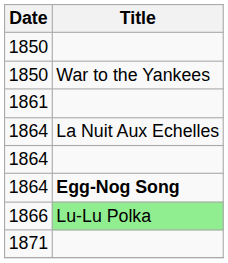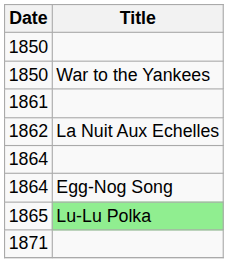 <table class="wikitable">
 <tr>
 <th>Date</th>
 <th>Title</th>
 </tr>
 <tr>
 <td>1850</td>
 <td></td>
 </tr>
 <tr>
 <td>1850</td>
 <td>War to the Yankees</td>
 </tr>
 <tr>
 <td>1861</td>
 <td></td>
 </tr>
 <tr>
-<td>1864</td>
+<td>1862</td>
 <td>La Nuit Aux Echelles</td>
 </tr>
 <tr>
 <td>1864</td>
 <td></td>
 </tr>
 <tr>
 <td>1864</td>
-<td><strong>Egg-Nog Song</strong></td>
+<td>Egg-Nog Song</td>
 </tr>
 <tr>
-<td>1866</td>
+<td>1865</td>
 <td style="background: lightgreen;">Lu-Lu Polka</td>
 </tr>
 <tr>
 <td>1871</td>
 <td></td>
 </tr>
 <tr>
 </tr>
 </table>
